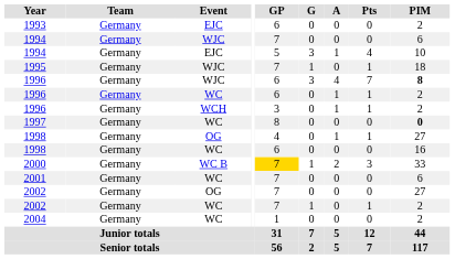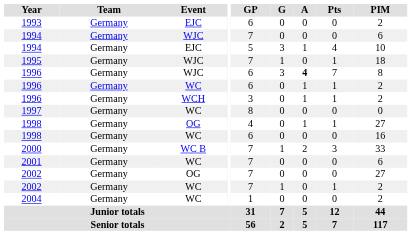 <table border="0" cellpadding="1" cellspacing="0" ID="Table3" style="text-align:center; width:40em">
 <tr bgcolor="#e0e0e0">
 <th>Year</th>
 <th>Team</th>
 <th>Event</th>
 <th rowspan="102" bgcolor="#ffffff"></th>
 <th>GP</th>
 <th>G</th>
 <th>A</th>
 <th>Pts</th>
 <th>PIM</th>
 </tr>
 <tr>
 <td><a href='#'>1993</a></td>
 <td><a href='#'>Germany</a></td>
 <td><a href='#'>EJC</a></td>
 <td>6</td>
 <td>0</td>
 <td>0</td>
 <td>0</td>
 <td>2</td>
 </tr>
 <tr bgcolor="#f0f0f0">
 <td><a href='#'>1994</a></td>
 <td><a href='#'>Germany</a></td>
 <td><a href='#'>WJC</a></td>
 <td>7</td>
 <td>0</td>
 <td>0</td>
 <td>0</td>
 <td>6</td>
 </tr>
 <tr>
 <td><a href='#'>1994</a></td>
 <td>Germany</td>
 <td>EJC</td>
 <td>5</td>
 <td>3</td>
 <td>1</td>
 <td>4</td>
 <td>10</td>
 </tr>
 <tr bgcolor="#f0f0f0">
 <td><a href='#'>1995</a></td>
 <td>Germany</td>
 <td>WJC</td>
 <td>7</td>
 <td>1</td>
 <td>0</td>
 <td>1</td>
 <td>18</td>
 </tr>
 <tr>
 <td><a href='#'>1996</a></td>
 <td>Germany</td>
 <td>WJC</td>
 <td>6</td>
 <td>3</td>
-<td>4</td>
+<td><strong>4</strong></td>
 <td>7</td>
-<td><strong>8</strong></td>
+<td>8</td>
 </tr>
 <tr bgcolor="#f0f0f0">
 <td><a href='#'>1996</a></td>
 <td><a href='#'>Germany</a></td>
 <td><a href='#'>WC</a></td>
 <td>6</td>
 <td>0</td>
 <td>1</td>
 <td>1</td>
 <td>2</td>
 </tr>
 <tr>
 <td><a href='#'>1996</a></td>
 <td>Germany</td>
 <td><a href='#'>WCH</a></td>
 <td>3</td>
 <td>0</td>
 <td>1</td>
 <td>1</td>
 <td>2</td>
 </tr>
 <tr bgcolor="#f0f0f0">
 <td><a href='#'>1997</a></td>
 <td>Germany</td>
 <td>WC</td>
 <td>8</td>
 <td>0</td>
 <td>0</td>
 <td>0</td>
-<td><strong>0</strong></td>
+<td>0</td>
 </tr>
 <tr>
 <td><a href='#'>1998</a></td>
 <td>Germany</td>
 <td><a href='#'>OG</a></td>
 <td>4</td>
 <td>0</td>
 <td>1</td>
 <td>1</td>
 <td>27</td>
 </tr>
 <tr bgcolor="#f0f0f0">
 <td><a href='#'>1998</a></td>
 <td>Germany</td>
 <td>WC</td>
 <td>6</td>
 <td>0</td>
 <td>0</td>
 <td>0</td>
 <td>16</td>
 </tr>
 <tr>
 <td><a href='#'>2000</a></td>
 <td>Germany</td>
 <td><a href='#'>WC B</a></td>
-<td style="background: gold;">7</td>
+<td>7</td>
 <td>1</td>
 <td>2</td>
 <td>3</td>
 <td>33</td>
 </tr>
 <tr bgcolor="#f0f0f0">
 <td><a href='#'>2001</a></td>
 <td>Germany</td>
 <td>WC</td>
 <td>7</td>
 <td>0</td>
 <td>0</td>
 <td>0</td>
 <td>6</td>
 </tr>
 <tr>
 <td><a href='#'>2002</a></td>
 <td>Germany</td>
 <td>OG</td>
 <td>7</td>
 <td>0</td>
 <td>0</td>
 <td>0</td>
 <td>27</td>
 </tr>
 <tr bgcolor="#f0f0f0">
 <td><a href='#'>2002</a></td>
 <td>Germany</td>
 <td>WC</td>
 <td>7</td>
 <td>1</td>
 <td>0</td>
 <td>1</td>
 <td>2</td>
 </tr>
 <tr>
 <td><a href='#'>2004</a></td>
 <td>Germany</td>
 <td>WC</td>
 <td>1</td>
 <td>0</td>
 <td>0</td>
 <td>0</td>
 <td>2</td>
 </tr>
 <tr bgcolor="#e0e0e0">
 <th colspan="4">Junior totals</th>
 <th>31</th>
 <th>7</th>
 <th>5</th>
 <th>12</th>
 <th>44</th>
 </tr>
 <tr bgcolor="#e0e0e0">
 <th colspan="4">Senior totals</th>
 <th>56</th>
 <th>2</th>
 <th>5</th>
 <th>7</th>
 <th>117</th>
 </tr>
 </table>
